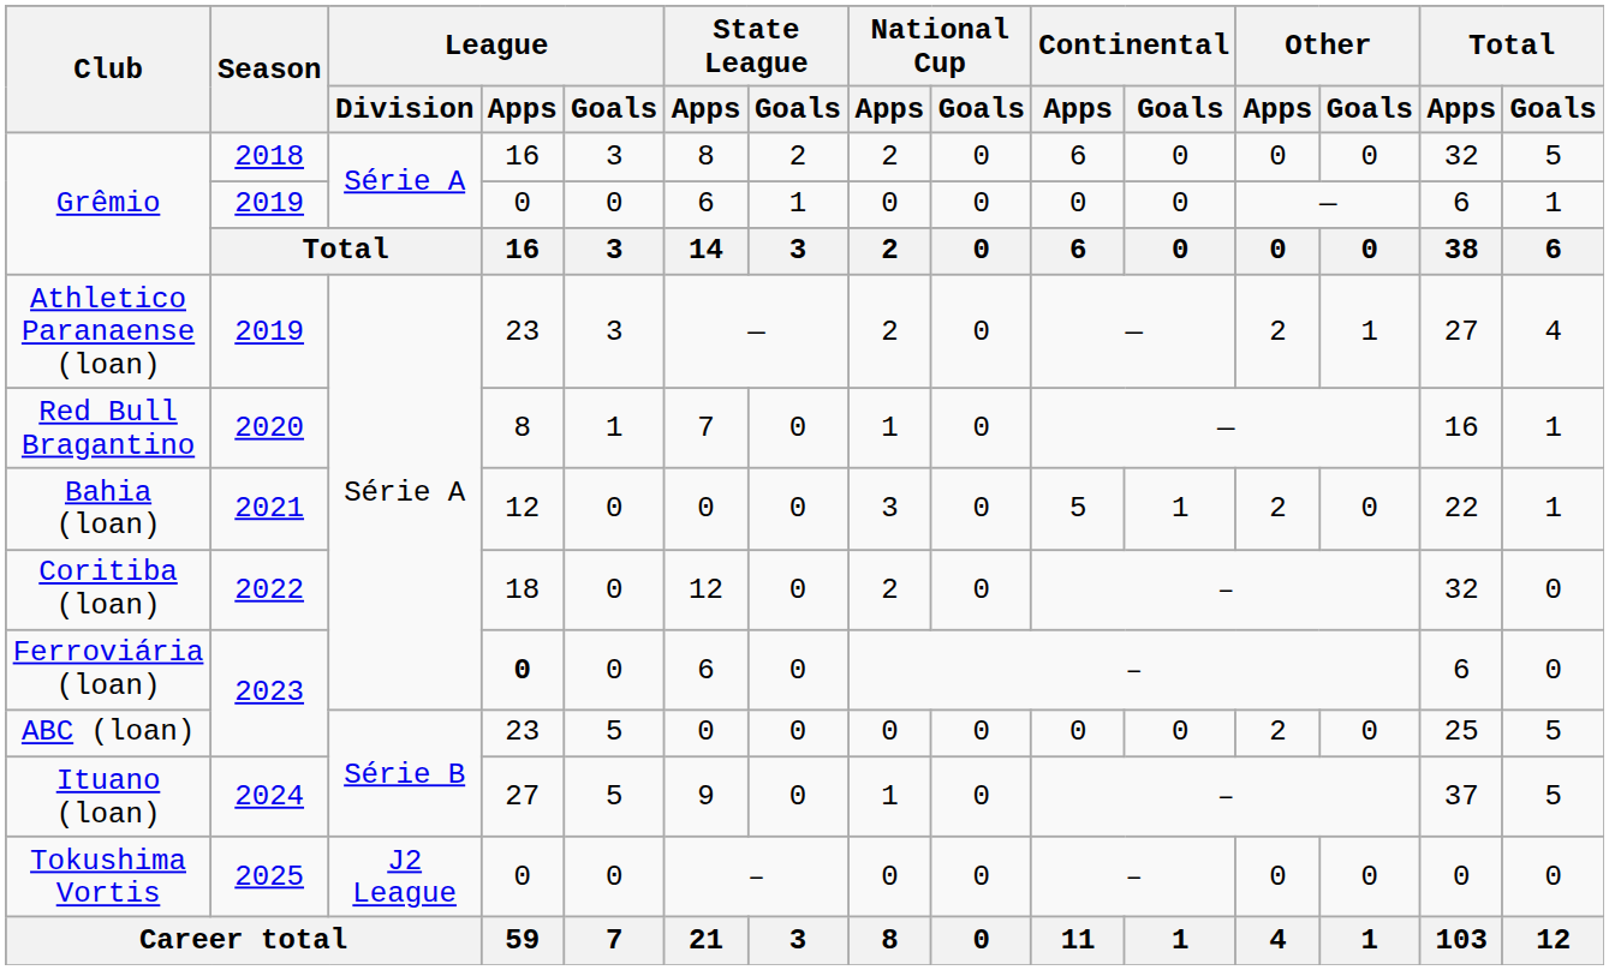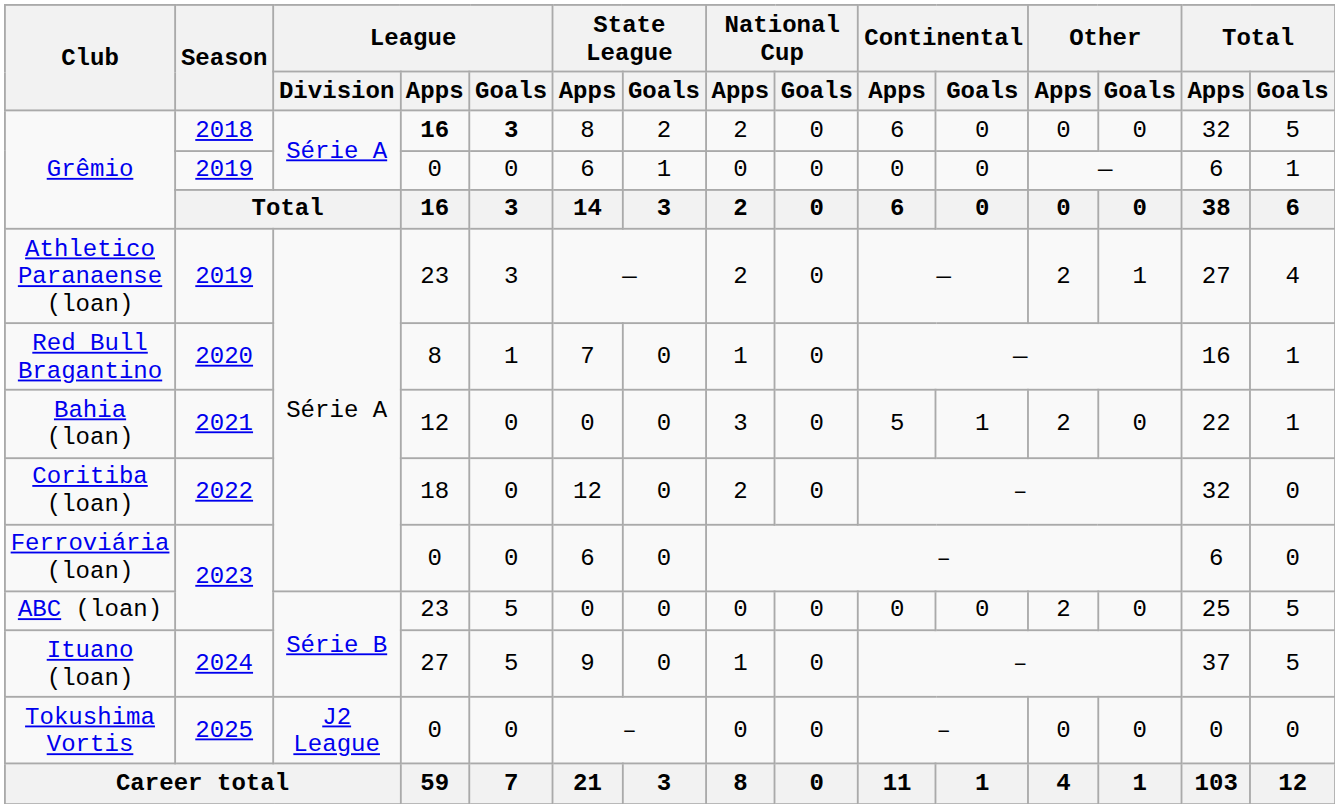 <table class="wikitable" style="text-align: center;">
 <tr>
 <th rowspan="2">Club</th>
 <th rowspan="2">Season</th>
 <th colspan="3">League</th>
 <th colspan="2">State League</th>
 <th colspan="2">National Cup</th>
 <th colspan="2">Continental</th>
 <th colspan="2">Other</th>
 <th colspan="2">Total</th>
 </tr>
 <tr>
 <th>Division</th>
 <th>Apps</th>
 <th>Goals</th>
 <th>Apps</th>
 <th>Goals</th>
 <th>Apps</th>
 <th>Goals</th>
 <th>Apps</th>
 <th>Goals</th>
 <th>Apps</th>
 <th>Goals</th>
 <th>Apps</th>
 <th>Goals</th>
 </tr>
 <tr>
 <td rowspan="3" valign="center"><a href='#'>Grêmio</a></td>
 <td><a href='#'>2018</a></td>
 <td rowspan="2"><a href='#'>Série A</a></td>
-<td>16</td>
-<td>3</td>
+<td><strong>16</strong></td>
+<td><strong>3</strong></td>
 <td>8</td>
 <td>2</td>
 <td>2</td>
 <td>0</td>
 <td>6</td>
 <td>0</td>
 <td>0</td>
 <td>0</td>
 <td>32</td>
 <td>5</td>
 </tr>
 <tr>
 <td><a href='#'>2019</a></td>
 <td>0</td>
 <td>0</td>
 <td>6</td>
 <td>1</td>
 <td>0</td>
 <td>0</td>
 <td>0</td>
 <td>0</td>
 <td colspan="2">—</td>
 <td>6</td>
 <td>1</td>
 </tr>
 <tr>
 <th colspan="2">Total</th>
 <th>16</th>
 <th>3</th>
 <th>14</th>
 <th>3</th>
 <th>2</th>
 <th>0</th>
 <th>6</th>
 <th>0</th>
 <th>0</th>
 <th>0</th>
 <th>38</th>
 <th>6</th>
 </tr>
 <tr>
 <td valign="center"><a href='#'>Athletico Paranaense</a> (loan)</td>
 <td><a href='#'>2019</a></td>
 <td rowspan="5">Série A</td>
 <td>23</td>
 <td>3</td>
 <td colspan="2">—</td>
 <td>2</td>
 <td>0</td>
 <td colspan="2">—</td>
 <td>2</td>
 <td>1</td>
 <td>27</td>
 <td>4</td>
 </tr>
 <tr>
 <td valign="center"><a href='#'>Red Bull Bragantino</a></td>
 <td><a href='#'>2020</a></td>
 <td>8</td>
 <td>1</td>
 <td>7</td>
 <td>0</td>
 <td>1</td>
 <td>0</td>
 <td colspan="4">—</td>
 <td>16</td>
 <td>1</td>
 </tr>
 <tr>
 <td valign="center"><a href='#'>Bahia</a> (loan)</td>
 <td><a href='#'>2021</a></td>
 <td>12</td>
 <td>0</td>
 <td>0</td>
 <td>0</td>
 <td>3</td>
 <td>0</td>
 <td>5</td>
 <td>1</td>
 <td>2</td>
 <td>0</td>
 <td>22</td>
 <td>1</td>
 </tr>
 <tr>
 <td valign="center"><a href='#'>Coritiba</a> (loan)</td>
 <td><a href='#'>2022</a></td>
 <td>18</td>
 <td>0</td>
 <td>12</td>
 <td>0</td>
 <td>2</td>
 <td>0</td>
 <td colspan="4">–</td>
 <td>32</td>
 <td>0</td>
 </tr>
 <tr>
 <td valign="center"><a href='#'>Ferroviária</a> (loan)</td>
 <td rowspan="2"><a href='#'>2023</a></td>
-<td><strong>0</strong></td>
+<td>0</td>
 <td>0</td>
 <td>6</td>
 <td>0</td>
 <td colspan="6">–</td>
 <td>6</td>
 <td>0</td>
 </tr>
 <tr>
 <td valign="center"><a href='#'>ABC</a> (loan)</td>
 <td rowspan="2"><a href='#'>Série B</a></td>
 <td>23</td>
 <td>5</td>
 <td>0</td>
 <td>0</td>
 <td>0</td>
 <td>0</td>
 <td>0</td>
 <td>0</td>
 <td>2</td>
 <td>0</td>
 <td>25</td>
 <td>5</td>
 </tr>
 <tr>
 <td valign="center"><a href='#'>Ituano</a> (loan)</td>
 <td><a href='#'>2024</a></td>
 <td>27</td>
 <td>5</td>
 <td>9</td>
 <td>0</td>
 <td>1</td>
 <td>0</td>
 <td colspan="4">–</td>
 <td>37</td>
 <td>5</td>
 </tr>
 <tr>
 <td valign="center"><a href='#'>Tokushima Vortis</a></td>
 <td><a href='#'>2025</a></td>
 <td><a href='#'>J2 League</a></td>
 <td>0</td>
 <td>0</td>
 <td colspan="2">–</td>
 <td>0</td>
 <td>0</td>
 <td colspan="2">–</td>
 <td>0</td>
 <td>0</td>
 <td>0</td>
 <td>0</td>
 </tr>
 <tr>
 <th colspan="3">Career total</th>
 <th>59</th>
 <th>7</th>
 <th>21</th>
 <th>3</th>
 <th>8</th>
 <th>0</th>
 <th>11</th>
 <th>1</th>
 <th>4</th>
 <th>1</th>
 <th>103</th>
 <th>12</th>
 </tr>
 </table>
